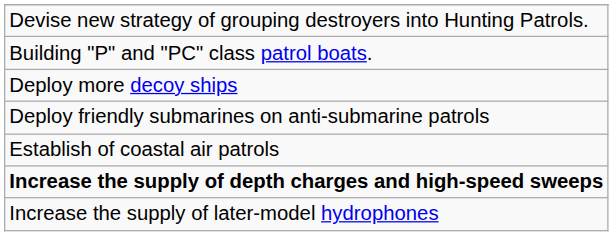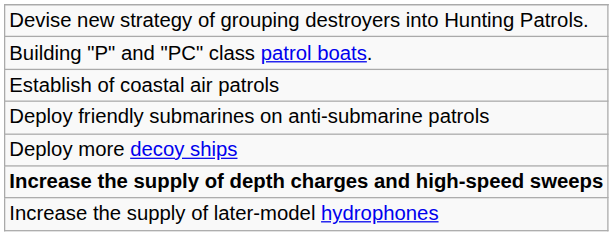 <table class="wikitable">
 <tr>
 </tr>
 <tr>
 <td>Devise new strategy of grouping destroyers into Hunting Patrols.</td>
 </tr>
 <tr>
 <td>Building "P" and "PC" class <a href='#'>patrol boats</a>.</td>
 </tr>
 <tr>
-<td>Deploy more <a href='#'>decoy ships</a></td>
+<td>Establish of coastal air patrols</td>
 </tr>
 <tr>
 <td>Deploy friendly submarines on anti-submarine patrols</td>
 </tr>
 <tr>
-<td>Establish of coastal air patrols</td>
+<td>Deploy more <a href='#'>decoy ships</a></td>
 </tr>
 <tr>
 <td><strong>Increase the supply of depth charges and high-speed sweeps</strong></td>
 </tr>
 <tr>
 <td>Increase the supply of later-model <a href='#'>hydrophones</a></td>
 </tr>
 </table>
